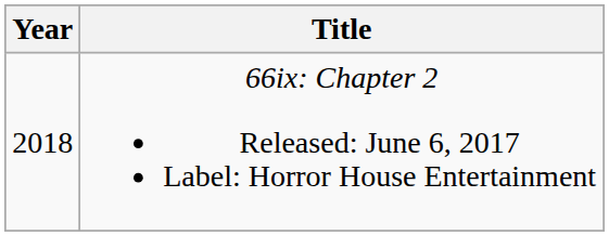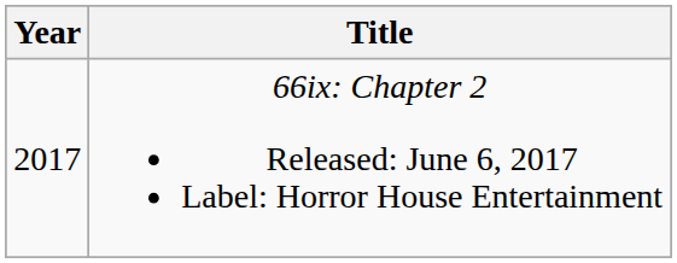 <table class="wikitable" style="text-align:center;">
 <tr>
 <th>Year</th>
 <th>Title</th>
 </tr>
 <tr>
-<td>2018</td>
+<td>2017</td>
 <td><em>66ix: Chapter 2</em><br><ul><li>Released: June 6, 2017</li><li>Label: Horror House Entertainment</li></ul></td>
 </tr>
 </table>
